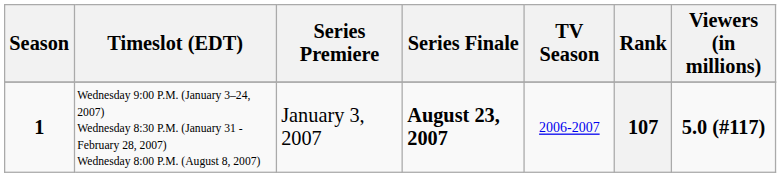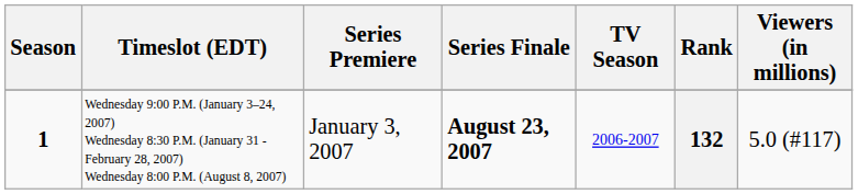 <table class="wikitable">
 <tr>
 <th>Season</th>
 <th>Timeslot (EDT)</th>
 <th>Series Premiere</th>
 <th>Series Finale</th>
 <th>TV Season</th>
 <th>Rank</th>
 <th>Viewers<br>(in millions)</th>
 </tr>
 <tr>
 </tr>
 <tr style="background-color:#F9F9F9">
 <th style="background:#F9F9F9;text-align:center"><strong>1</strong></th>
 <th style="background:#F9F9F9;font-size:11px;font-weight:normal;text-align:left;line-height:110%"><small>Wednesday 9:00 P.M.  (January 3–24, 2007)</small><br><small>Wednesday 8:30 P.M. (January 31 - February 28, 2007)</small><br><small>Wednesday  8:00 P.M. (August 8, 2007)</small></th>
 <td>January 3, 2007</td>
 <td><strong>August 23, 2007</strong></td>
 <td style="font-size:11px;text-align:center"><a href='#'>2006-2007</a></td>
-<th style="text-align:center"><strong>107</strong></th>
-<td style="text-align:center"><strong>5.0 (#117)</strong></td>
+<th style="text-align:center"><strong>132</strong></th>
+<td style="text-align:center">5.0 (#117)</td>
 </tr>
 </table>
